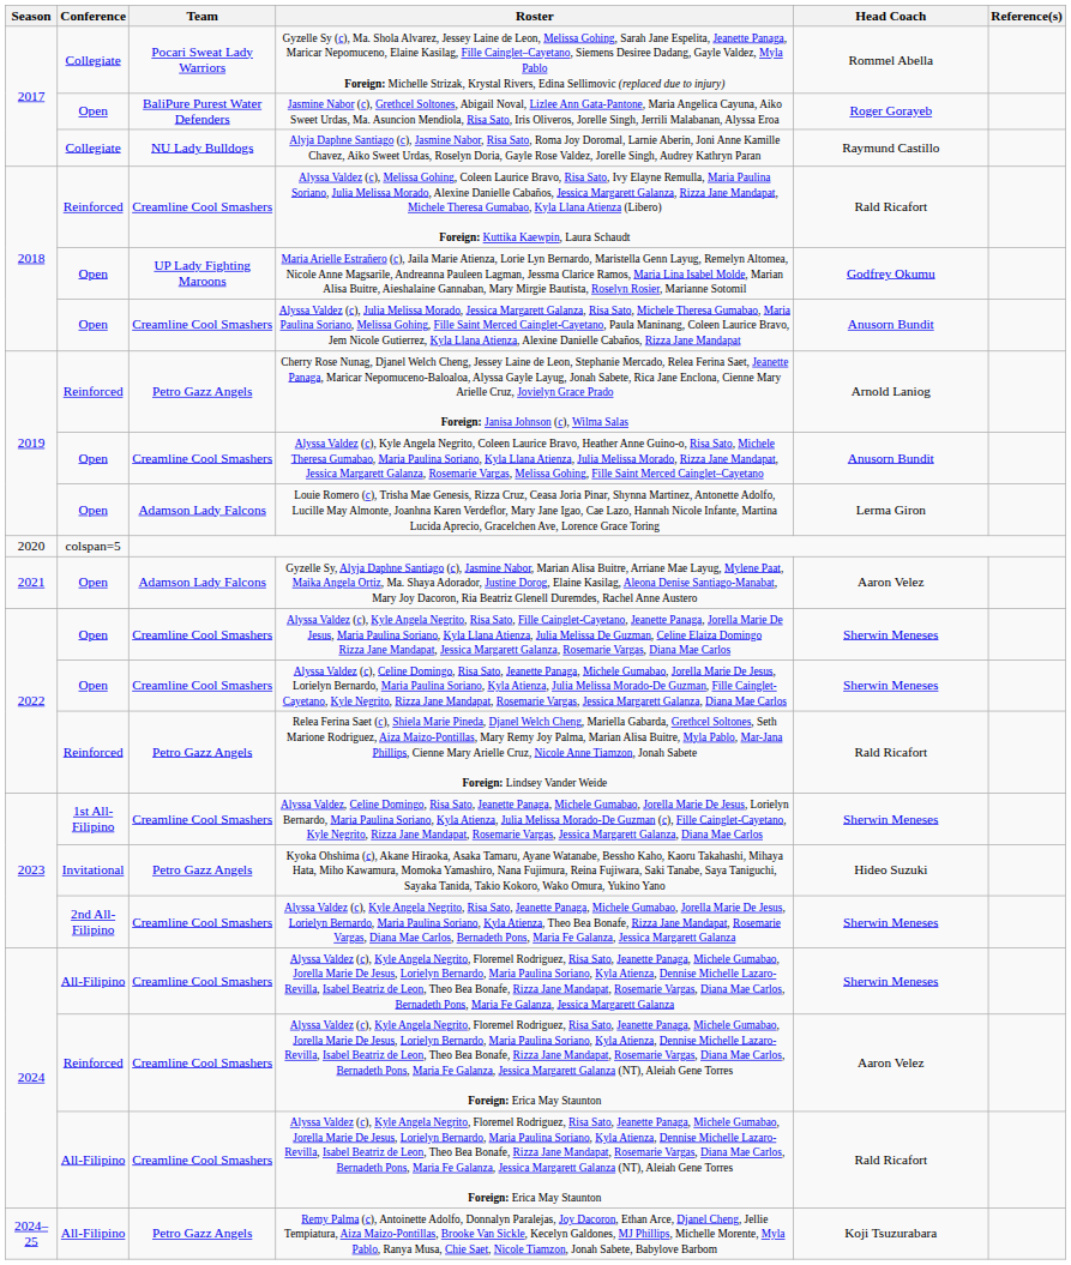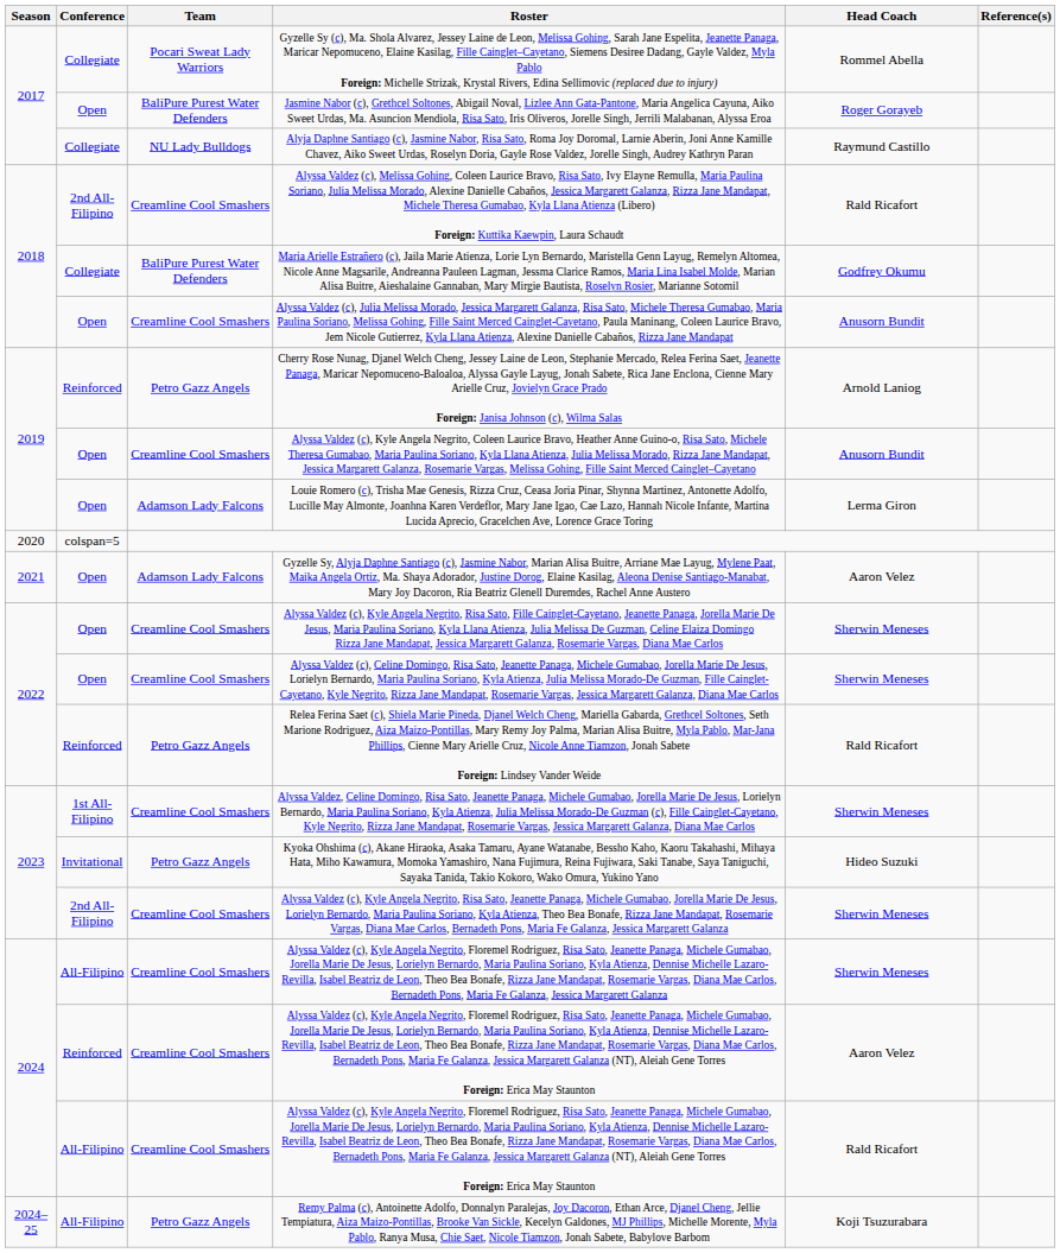 <table class="wikitable" width=100%>
 <tr>
 <th width=5%>Season</th>
 <th ! width=5%>Conference</th>
 <th ! width=15%>Team</th>
 <th ! width=55%>Roster</th>
 <th ! width=20%>Head Coach</th>
 <th ! width=5%>Reference(s)</th>
 </tr>
 <tr style="text-align:center">
 <td rowspan="3"><a href='#'>2017</a></td>
 <td><a href='#'>Collegiate</a></td>
 <td><a href='#'>Pocari Sweat Lady Warriors</a></td>
 <td><small> Gyzelle Sy (<a href='#'>c</a>), Ma. Shola Alvarez, Jessey Laine de Leon, <a href='#'>Melissa Gohing</a>, Sarah Jane Espelita, <a href='#'>Jeanette Panaga</a>, Maricar Nepomuceno, Elaine Kasilag, <a href='#'>Fille Cainglet–Cayetano</a>, Siemens Desiree Dadang, Gayle Valdez, <a href='#'>Myla Pablo</a><br><strong>Foreign:</strong>  Michelle Strizak,  Krystal Rivers,  Edina Sellimovic <em>(replaced due to injury)</em> </small></td>
 <td> Rommel Abella</td>
 <td></td>
 </tr>
 <tr style="text-align:center">
 <td><a href='#'>Open</a></td>
 <td><a href='#'>BaliPure Purest Water Defenders</a></td>
 <td><small> <a href='#'>Jasmine Nabor</a> (<a href='#'>c</a>), <a href='#'>Grethcel Soltones</a>, Abigail Noval, <a href='#'>Lizlee Ann Gata-Pantone</a>, Maria Angelica Cayuna, Aiko Sweet Urdas, Ma. Asuncion Mendiola, <a href='#'>Risa Sato</a>, Iris Oliveros, Jorelle Singh, Jerrili Malabanan, Alyssa Eroa </small></td>
 <td> <a href='#'>Roger Gorayeb</a></td>
 <td></td>
 </tr>
 <tr style="text-align:center">
 <td><a href='#'>Collegiate</a></td>
 <td><a href='#'>NU Lady Bulldogs</a></td>
 <td><small> <a href='#'>Alyja Daphne Santiago</a> (<a href='#'>c</a>), <a href='#'>Jasmine Nabor</a>, <a href='#'>Risa Sato</a>, Roma Joy Doromal, Larnie Aberin, Joni Anne Kamille Chavez, Aiko Sweet Urdas, Roselyn Doria, Gayle Rose Valdez, Jorelle Singh, Audrey Kathryn Paran </small></td>
 <td> Raymund Castillo</td>
 <td></td>
 </tr>
 <tr style="text-align:center">
 <td rowspan="3"><a href='#'>2018</a></td>
-<td><a href='#'>Reinforced</a></td>
+<td><a href='#'>2nd All-Filipino</a></td>
 <td><a href='#'>Creamline Cool Smashers</a></td>
 <td><small> <a href='#'>Alyssa Valdez</a> (<a href='#'>c</a>), <a href='#'>Melissa Gohing</a>, Coleen Laurice Bravo, <a href='#'>Risa Sato</a>, Ivy Elayne Remulla, <a href='#'>Maria Paulina Soriano</a>, <a href='#'>Julia Melissa Morado</a>, Alexine Danielle Cabaños, <a href='#'>Jessica Margarett Galanza</a>, <a href='#'>Rizza Jane Mandapat</a>, <a href='#'>Michele Theresa Gumabao</a>, <a href='#'>Kyla Llana Atienza</a> (Libero)<br><br><strong>Foreign:</strong>  <a href='#'>Kuttika Kaewpin</a>,  Laura Schaudt</small></td>
 <td> Rald Ricafort</td>
 <td></td>
 </tr>
 <tr style="text-align:center">
-<td><a href='#'>Open</a></td>
-<td><a href='#'>UP Lady Fighting Maroons</a></td>
+<td><a href='#'>Collegiate</a></td>
+<td><a href='#'>BaliPure Purest Water Defenders</a></td>
 <td><small> <a href='#'>Maria Arielle Estrañero</a> (<a href='#'>c</a>), Jaila Marie Atienza, Lorie Lyn Bernardo, Maristella Genn Layug, Remelyn Altomea, Nicole Anne Magsarile, Andreanna Pauleen Lagman, Jessma Clarice Ramos, <a href='#'>Maria Lina Isabel Molde</a>, Marian Alisa Buitre, Aieshalaine Gannaban, Mary Mirgie Bautista, <a href='#'>Roselyn Rosier</a>, Marianne Sotomil </small></td>
 <td> <a href='#'>Godfrey Okumu</a></td>
 <td></td>
 </tr>
 <tr style="text-align:center">
 <td><a href='#'>Open</a></td>
 <td><a href='#'>Creamline Cool Smashers</a></td>
 <td><small> <a href='#'>Alyssa Valdez</a> (<a href='#'>c</a>), <a href='#'>Julia Melissa Morado</a>, <a href='#'>Jessica Margarett Galanza</a>, <a href='#'>Risa Sato</a>, <a href='#'>Michele Theresa Gumabao</a>, <a href='#'>Maria Paulina Soriano</a>, <a href='#'>Melissa Gohing</a>, <a href='#'>Fille Saint Merced Cainglet-Cayetano</a>, Paula Maninang, Coleen Laurice Bravo, Jem Nicole Gutierrez, <a href='#'>Kyla Llana Atienza</a>, Alexine Danielle Cabaños, <a href='#'>Rizza Jane Mandapat</a></small></td>
 <td> <a href='#'>Anusorn Bundit</a></td>
 <td></td>
 </tr>
 <tr style="text-align:center">
 <td rowspan="3"><a href='#'>2019</a></td>
 <td><a href='#'>Reinforced</a></td>
 <td style="text-align:center"><a href='#'>Petro Gazz Angels</a></td>
 <td><small> Cherry Rose Nunag, Djanel Welch Cheng, Jessey Laine de Leon, Stephanie Mercado, Relea Ferina Saet, <a href='#'>Jeanette Panaga</a>, Maricar Nepomuceno-Baloaloa, Alyssa Gayle Layug, Jonah Sabete, Rica Jane Enclona, Cienne Mary Arielle Cruz, <a href='#'>Jovielyn Grace Prado</a><br><br><strong>Foreign:</strong>  <a href='#'>Janisa Johnson</a> (<a href='#'>c</a>),  <a href='#'>Wilma Salas</a></small></td>
 <td> Arnold Laniog</td>
 <td></td>
 </tr>
 <tr style="text-align:center">
 <td><a href='#'>Open</a></td>
 <td><a href='#'>Creamline Cool Smashers</a></td>
 <td><small> <a href='#'>Alyssa Valdez</a> (<a href='#'>c</a>), Kyle Angela Negrito, Coleen Laurice Bravo, Heather Anne Guino-o, <a href='#'>Risa Sato</a>, <a href='#'>Michele Theresa Gumabao</a>, <a href='#'>Maria Paulina Soriano</a>, <a href='#'>Kyla Llana Atienza</a>, <a href='#'>Julia Melissa Morado</a>, <a href='#'>Rizza Jane Mandapat</a>, <a href='#'>Jessica Margarett Galanza</a>, <a href='#'>Rosemarie Vargas</a>, <a href='#'>Melissa Gohing</a>, <a href='#'>Fille Saint Merced Cainglet–Cayetano</a></small></td>
 <td> <a href='#'>Anusorn Bundit</a></td>
 <td></td>
 </tr>
 <tr style="text-align:center">
 <td><a href='#'>Open</a></td>
 <td><a href='#'>Adamson Lady Falcons</a></td>
 <td><small> Louie Romero (<a href='#'>c</a>), Trisha Mae Genesis, Rizza Cruz, Ceasa Joria Pinar, Shynna Martinez, Antonette Adolfo, Lucille May Almonte, Joanhna Karen Verdeflor, Mary Jane Igao, Cae Lazo, Hannah Nicole Infante, Martina Lucida Aprecio, Gracelchen Ave, Lorence Grace Toring</small></td>
 <td> Lerma Giron</td>
 <td></td>
 </tr>
 <tr style="text-align:center">
 <td>2020</td>
 <td>colspan=5</td>
 </tr>
 <tr style="text-align:center">
 <td><a href='#'>2021</a></td>
 <td><a href='#'>Open</a></td>
 <td><a href='#'>Adamson Lady Falcons</a></td>
 <td><small> Gyzelle Sy, <a href='#'>Alyja Daphne Santiago</a> (<a href='#'>c</a>), <a href='#'>Jasmine Nabor</a>, Marian Alisa Buitre, Arriane Mae Layug, <a href='#'>Mylene Paat</a>, <a href='#'>Maika Angela Ortiz</a>, Ma. Shaya Adorador, <a href='#'>Justine Dorog</a>, Elaine Kasilag, <a href='#'>Aleona Denise Santiago-Manabat</a>, Mary Joy Dacoron, Ria Beatriz Glenell Duremdes, Rachel Anne Austero</small></td>
 <td> Aaron Velez</td>
 <td></td>
 </tr>
 <tr style="text-align:center">
 <td rowspan="3"><a href='#'>2022</a></td>
 <td><a href='#'>Open</a></td>
 <td><a href='#'>Creamline Cool Smashers</a></td>
 <td><small><a href='#'>Alyssa Valdez</a> (<a href='#'>c</a>), <a href='#'>Kyle Angela Negrito</a>, <a href='#'>Risa Sato</a>, <a href='#'>Fille Cainglet-Cayetano</a>, <a href='#'>Jeanette Panaga</a>, <a href='#'>Jorella Marie De Jesus</a>, <a href='#'>Maria Paulina Soriano</a>, <a href='#'>Kyla Llana Atienza</a>, <a href='#'>Julia Melissa De Guzman</a>, <a href='#'>Celine Elaiza Domingo</a><br><a href='#'>Rizza Jane Mandapat</a>, <a href='#'>Jessica Margarett Galanza</a>, <a href='#'>Rosemarie Vargas</a>, <a href='#'>Diana Mae Carlos</a></small></td>
 <td> <a href='#'>Sherwin Meneses</a></td>
 <td></td>
 </tr>
 <tr style="text-align:center">
 <td><a href='#'>Open</a></td>
 <td><a href='#'>Creamline Cool Smashers</a></td>
 <td><small><a href='#'>Alyssa Valdez</a> (<a href='#'>c</a>), <a href='#'>Celine Domingo</a>, <a href='#'>Risa Sato</a>, <a href='#'>Jeanette Panaga</a>, <a href='#'>Michele Gumabao</a>, <a href='#'>Jorella Marie De Jesus</a>, Lorielyn Bernardo, <a href='#'>Maria Paulina Soriano</a>, <a href='#'>Kyla Atienza</a>, <a href='#'>Julia Melissa Morado-De Guzman</a>, <a href='#'>Fille Cainglet-Cayetano</a>, <a href='#'>Kyle Negrito</a>, <a href='#'>Rizza Jane Mandapat</a>, <a href='#'>Rosemarie Vargas</a>, <a href='#'>Jessica Margarett Galanza</a>, <a href='#'>Diana Mae Carlos</a></small></td>
 <td> <a href='#'>Sherwin Meneses</a></td>
 <td></td>
 </tr>
 <tr style="text-align:center">
 <td><a href='#'>Reinforced</a></td>
 <td><a href='#'>Petro Gazz Angels</a></td>
 <td><small> Relea Ferina Saet (<a href='#'>c</a>), <a href='#'>Shiela Marie Pineda</a>, <a href='#'>Djanel Welch Cheng</a>, Mariella Gabarda, <a href='#'>Grethcel Soltones</a>, Seth Marione Rodriguez, <a href='#'>Aiza Maizo-Pontillas</a>, Mary Remy Joy Palma, Marian Alisa Buitre, <a href='#'>Myla Pablo</a>, <a href='#'>Mar-Jana Phillips</a>, Cienne Mary Arielle Cruz, <a href='#'>Nicole Anne Tiamzon</a>, Jonah Sabete</small><br><br><small> <strong>Foreign:</strong>  Lindsey Vander Weide</small></td>
 <td> Rald Ricafort</td>
 <td></td>
 </tr>
 <tr style="text-align:center">
 <td rowspan="3"><a href='#'>2023</a></td>
 <td><a href='#'>1st All-Filipino</a></td>
 <td><a href='#'>Creamline Cool Smashers</a></td>
 <td><small><a href='#'>Alyssa Valdez</a>, <a href='#'>Celine Domingo</a>, <a href='#'>Risa Sato</a>, <a href='#'>Jeanette Panaga</a>, <a href='#'>Michele Gumabao</a>, <a href='#'>Jorella Marie De Jesus</a>, Lorielyn Bernardo, <a href='#'>Maria Paulina Soriano</a>, <a href='#'>Kyla Atienza</a>, <a href='#'>Julia Melissa Morado-De Guzman</a> (<a href='#'>c</a>), <a href='#'>Fille Cainglet-Cayetano</a>, <a href='#'>Kyle Negrito</a>, <a href='#'>Rizza Jane Mandapat</a>, <a href='#'>Rosemarie Vargas</a>, <a href='#'>Jessica Margarett Galanza</a>, <a href='#'>Diana Mae Carlos</a></small></td>
 <td> <a href='#'>Sherwin Meneses</a></td>
 <td></td>
 </tr>
 <tr style="text-align:center">
 <td><a href='#'>Invitational</a></td>
 <td><a href='#'>Petro Gazz Angels</a></td>
 <td><small> Kyoka Ohshima (<a href='#'>c</a>), Akane Hiraoka, Asaka Tamaru, Ayane Watanabe, Bessho Kaho, Kaoru Takahashi, Mihaya Hata, Miho Kawamura, Momoka Yamashiro, Nana Fujimura, Reina Fujiwara, Saki Tanabe, Saya Taniguchi, Sayaka Tanida, Takio Kokoro, Wako Omura, Yukino Yano </small></td>
 <td> Hideo Suzuki</td>
 <td></td>
 </tr>
 <tr style="text-align:center">
 <td><a href='#'>2nd All-Filipino</a></td>
 <td><a href='#'>Creamline Cool Smashers</a></td>
 <td><small> <a href='#'>Alyssa Valdez</a> (<a href='#'>c</a>), <a href='#'>Kyle Angela Negrito</a>, <a href='#'>Risa Sato</a>, <a href='#'>Jeanette Panaga</a>, <a href='#'>Michele Gumabao</a>, <a href='#'>Jorella Marie De Jesus</a>, <a href='#'>Lorielyn Bernardo</a>, <a href='#'>Maria Paulina Soriano</a>, <a href='#'>Kyla Atienza</a>, Theo Bea Bonafe, <a href='#'>Rizza Jane Mandapat</a>, <a href='#'>Rosemarie Vargas</a>, <a href='#'>Diana Mae Carlos</a>, <a href='#'>Bernadeth Pons</a>, <a href='#'>Maria Fe Galanza</a>, <a href='#'>Jessica Margarett Galanza</a></small></td>
 <td> <a href='#'>Sherwin Meneses</a></td>
 <td></td>
 </tr>
 <tr style="text-align:center">
 <td rowspan="3"><a href='#'>2024</a></td>
 <td><a href='#'>All-Filipino</a></td>
 <td><a href='#'>Creamline Cool Smashers</a></td>
 <td><small> <a href='#'>Alyssa Valdez</a> (<a href='#'>c</a>), <a href='#'>Kyle Angela Negrito</a>, Floremel Rodriguez, <a href='#'>Risa Sato</a>, <a href='#'>Jeanette Panaga</a>, <a href='#'>Michele Gumabao</a>, <a href='#'>Jorella Marie De Jesus</a>, <a href='#'>Lorielyn Bernardo</a>, <a href='#'>Maria Paulina Soriano</a>, <a href='#'>Kyla Atienza</a>, <a href='#'>Dennise Michelle Lazaro-Revilla</a>, <a href='#'>Isabel Beatriz de Leon</a>, Theo Bea Bonafe, <a href='#'>Rizza Jane Mandapat</a>, <a href='#'>Rosemarie Vargas</a>, <a href='#'>Diana Mae Carlos</a>, <a href='#'>Bernadeth Pons</a>, <a href='#'>Maria Fe Galanza</a>, <a href='#'>Jessica Margarett Galanza</a></small></td>
 <td> <a href='#'>Sherwin Meneses</a></td>
 <td></td>
 </tr>
 <tr style="text-align:center">
 <td><a href='#'>Reinforced</a></td>
 <td><a href='#'>Creamline Cool Smashers</a></td>
 <td><small> <a href='#'>Alyssa Valdez</a> (<a href='#'>c</a>), <a href='#'>Kyle Angela Negrito</a>, Floremel Rodriguez, <a href='#'>Risa Sato</a>, <a href='#'>Jeanette Panaga</a>, <a href='#'>Michele Gumabao</a>, <a href='#'>Jorella Marie De Jesus</a>, <a href='#'>Lorielyn Bernardo</a>, <a href='#'>Maria Paulina Soriano</a>, <a href='#'>Kyla Atienza</a>, <a href='#'>Dennise Michelle Lazaro-Revilla</a>, <a href='#'>Isabel Beatriz de Leon</a>, Theo Bea Bonafe, <a href='#'>Rizza Jane Mandapat</a>, <a href='#'>Rosemarie Vargas</a>, <a href='#'>Diana Mae Carlos</a>, <a href='#'>Bernadeth Pons</a>, <a href='#'>Maria Fe Galanza</a>, <a href='#'>Jessica Margarett Galanza</a> (NT), Aleiah Gene Torres</small><br><br><small> <strong>Foreign:</strong>  Erica May Staunton</small></td>
 <td> Aaron Velez</td>
 <td></td>
 </tr>
 <tr style="text-align:center">
 <td><a href='#'>All-Filipino</a></td>
 <td><a href='#'>Creamline Cool Smashers</a></td>
 <td><small> <a href='#'>Alyssa Valdez</a> (<a href='#'>c</a>), <a href='#'>Kyle Angela Negrito</a>, Floremel Rodriguez, <a href='#'>Risa Sato</a>, <a href='#'>Jeanette Panaga</a>, <a href='#'>Michele Gumabao</a>, <a href='#'>Jorella Marie De Jesus</a>, <a href='#'>Lorielyn Bernardo</a>, <a href='#'>Maria Paulina Soriano</a>, <a href='#'>Kyla Atienza</a>, <a href='#'>Dennise Michelle Lazaro-Revilla</a>, <a href='#'>Isabel Beatriz de Leon</a>, Theo Bea Bonafe, <a href='#'>Rizza Jane Mandapat</a>, <a href='#'>Rosemarie Vargas</a>, <a href='#'>Diana Mae Carlos</a>, <a href='#'>Bernadeth Pons</a>, <a href='#'>Maria Fe Galanza</a>, <a href='#'>Jessica Margarett Galanza</a> (NT), Aleiah Gene Torres</small><br><br><small> <strong>Foreign:</strong>  Erica May Staunton</small></td>
 <td> Rald Ricafort</td>
 <td></td>
 </tr>
 <tr style="text-align:center">
 <td rowspan="3"><a href='#'>2024–25</a></td>
 <td><a href='#'>All-Filipino</a></td>
 <td><a href='#'>Petro Gazz Angels</a></td>
 <td><small> <a href='#'>Remy Palma</a> (<a href='#'>c</a>), Antoinette Adolfo, Donnalyn Paralejas, <a href='#'>Joy Dacoron</a>, Ethan Arce, <a href='#'>Djanel Cheng</a>, Jellie Tempiatura, <a href='#'>Aiza Maizo-Pontillas</a>, <a href='#'>Brooke Van  Sickle</a>, Kecelyn Galdones, <a href='#'>MJ Phillips</a>, Michelle Morente, <a href='#'>Myla Pablo</a>, Ranya Musa, <a href='#'>Chie Saet</a>, <a href='#'>Nicole Tiamzon</a>, Jonah Sabete, Babylove Barbom</small></td>
 <td> Koji Tsuzurabara</td>
 <td></td>
 </tr>
 </table>
